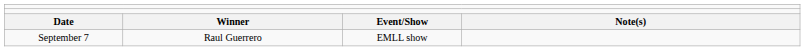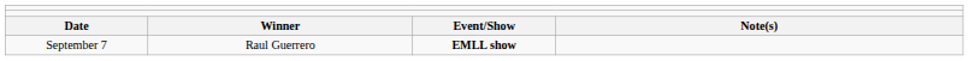 <table class="wikitable" style="text-align:center; width:100%;">
 <tr>
 <td colspan=5></td>
 </tr>
 <tr>
 <td colspan=5><strong></strong></td>
 </tr>
 <tr>
 <th width=14%>Date</th>
 <th width=26%>Winner</th>
 <th width=14%>Event/Show</th>
 <th width=40%>Note(s)</th>
 </tr>
 <tr>
 <td>September 7</td>
 <td>Raul Guerrero</td>
-<td>EMLL show</td>
+<td><strong>EMLL show</strong></td>
 <td align=left></td>
 </tr>
 </table>
